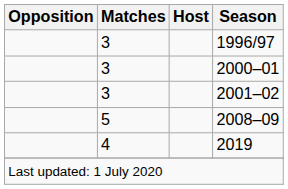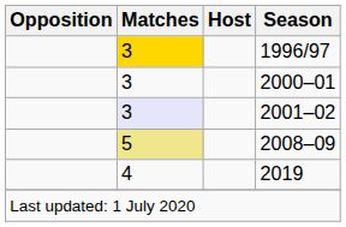 <table class="wikitable plainrowheaders sortable">
 <tr>
 <th scope=col>Opposition</th>
 <th scope=col style="text-align:center">Matches</th>
 <th scope=col>Host</th>
 <th scope=col style="text-align:center">Season</th>
 </tr>
 <tr>
 <td></td>
-<td>3</td>
+<td style="background: gold;">3</td>
 <td></td>
 <td>1996/97</td>
 </tr>
 <tr>
 <td></td>
 <td>3</td>
 <td></td>
 <td>2000–01</td>
 </tr>
 <tr>
 <td></td>
-<td>3</td>
+<td style="background: lavender;">3</td>
 <td></td>
 <td>2001–02</td>
 </tr>
 <tr>
 <td></td>
-<td>5</td>
+<td style="background: khaki;">5</td>
 <td></td>
 <td>2008–09</td>
 </tr>
 <tr>
 <td></td>
 <td>4</td>
 <td></td>
 <td>2019</td>
 </tr>
 <tr>
 </tr>
 <tr class=sortbottom>
 <td colspan=5><small>Last updated: 1 July 2020</small></td>
 </tr>
 </table>
